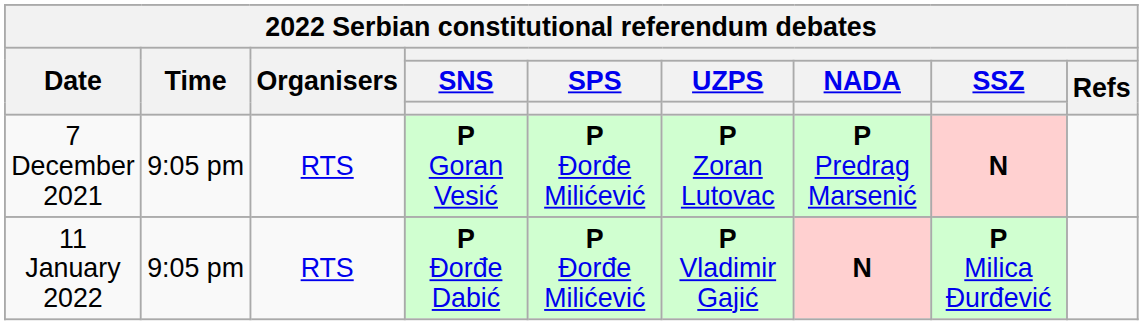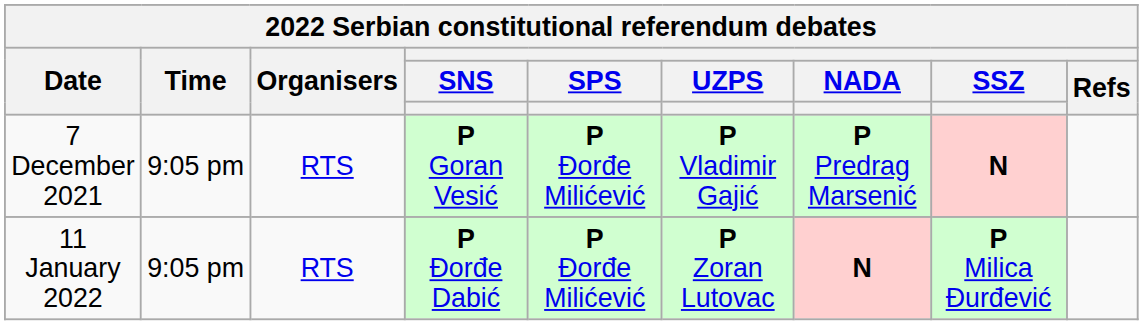 <table class="wikitable" style="font-size:90%; text-align:center;">
 <tr>
 <th colspan="9">2022 Serbian constitutional referendum debates</th>
 </tr>
 <tr>
 <th rowspan="3">Date</th>
 <th rowspan="3">Time</th>
 <th rowspan="3">Organisers</th>
 <th colspan="6">      </th>
 </tr>
 <tr>
 <th scope="col" style="width:5em"><a href='#'>SNS</a></th>
 <th scope="col" style="width:5em"><a href='#'>SPS</a></th>
 <th scope="col" style="width:5em"><a href='#'>UZPS</a></th>
 <th scope="col" style="width:5em"><a href='#'>NADA</a></th>
 <th scope="col" style="width:5em"><a href='#'>SSZ</a></th>
 <th rowspan="2">Refs</th>
 </tr>
 <tr>
 <th style="background:"></th>
 <th style="background:"></th>
 <th style="background:"></th>
 <th style="background:"></th>
 <th style="background:"></th>
 </tr>
 <tr>
 <td>7 December 2021</td>
 <td>9:05 pm</td>
 <td><a href='#'>RTS</a></td>
 <td style="background:#D0FFD0"><strong>P</strong><br><a href='#'>Goran Vesić</a></td>
 <td style="background:#D0FFD0"><strong>P</strong><br><a href='#'>Đorđe Milićević</a></td>
-<td style="background:#D0FFD0"><strong>P</strong><br><a href='#'>Zoran Lutovac</a></td>
+<td style="background:#D0FFD0"><strong>P</strong><br><a href='#'>Vladimir Gajić</a></td>
 <td style="background:#D0FFD0"><strong>P</strong><br><a href='#'>Predrag Marsenić</a></td>
 <td style="background:#FFD0D0"><strong>N</strong></td>
 <td></td>
 </tr>
 <tr>
 <td>11 January 2022</td>
 <td>9:05 pm</td>
 <td><a href='#'>RTS</a></td>
 <td style="background:#D0FFD0"><strong>P</strong><br><a href='#'>Đorđe Dabić</a></td>
 <td style="background:#D0FFD0"><strong>P</strong><br><a href='#'>Đorđe Milićević</a></td>
-<td style="background:#D0FFD0"><strong>P</strong><br><a href='#'>Vladimir Gajić</a></td>
+<td style="background:#D0FFD0"><strong>P</strong><br><a href='#'>Zoran Lutovac</a></td>
 <td style="background:#FFD0D0"><strong>N</strong></td>
 <td style="background:#D0FFD0"><strong>P</strong><br><a href='#'>Milica Đurđević</a></td>
 <td></td>
 </tr>
 </table>
